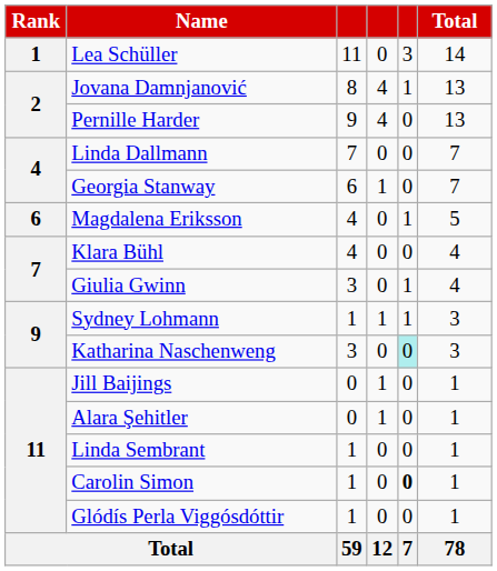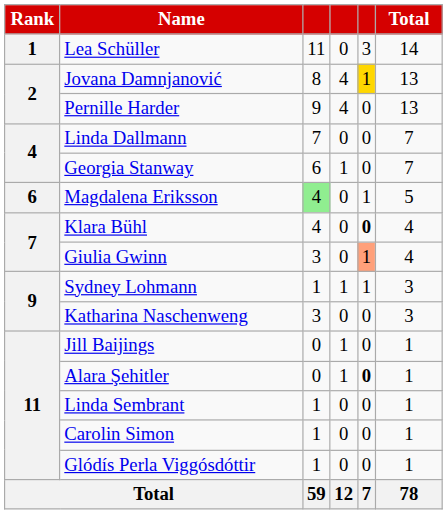 <table class="wikitable sortable" style="text-align:center; font-size:100%; ">
 <tr>
 <th style="background:#d50000; color:white; text-align:center; width:40px;">Rank</th>
 <th style="background:#d50000; color:white; text-align:center; width:200px;">Name</th>
 <th style="background:#d50000; color:white; text-align:center;" colspan="1"><a href='#'></a></th>
 <th style="background:#d50000; color:white; text-align:center;" colspan="1"><a href='#'></a></th>
 <th style="background:#d50000; color:white; text-align:center;" colspan="1"><a href='#'></a></th>
 <th style="background:#d50000; color:white; text-align:center; width:50px;">Total</th>
 </tr>
 <tr>
 <th>1</th>
 <td align="left"> <a href='#'>Lea Schüller</a></td>
 <td>11</td>
 <td>0</td>
 <td>3</td>
 <td>14</td>
 </tr>
 <tr>
 <th rowspan=2>2</th>
 <td align="left"> <a href='#'>Jovana Damnjanović</a></td>
 <td>8</td>
 <td>4</td>
-<td>1</td>
+<td style="background: gold;">1</td>
 <td>13</td>
 </tr>
 <tr>
 <td align="left"> <a href='#'>Pernille Harder</a></td>
 <td>9</td>
 <td>4</td>
 <td>0</td>
 <td>13</td>
 </tr>
 <tr>
 <th rowspan=2>4</th>
 <td align="left"> <a href='#'>Linda Dallmann</a></td>
 <td>7</td>
 <td>0</td>
 <td>0</td>
 <td>7</td>
 </tr>
 <tr>
 <td align="left"> <a href='#'>Georgia Stanway</a></td>
 <td>6</td>
 <td>1</td>
 <td>0</td>
 <td>7</td>
 </tr>
 <tr>
 <th>6</th>
 <td align="left"> <a href='#'>Magdalena Eriksson</a></td>
-<td>4</td>
+<td style="background: lightgreen;">4</td>
 <td>0</td>
 <td>1</td>
 <td>5</td>
 </tr>
 <tr>
 <th rowspan=2>7</th>
 <td align="left"> <a href='#'>Klara Bühl</a></td>
 <td>4</td>
 <td>0</td>
-<td>0</td>
+<td><strong>0</strong></td>
 <td>4</td>
 </tr>
 <tr>
 <td align="left"> <a href='#'>Giulia Gwinn</a></td>
 <td>3</td>
 <td>0</td>
-<td>1</td>
+<td style="background: lightsalmon;">1</td>
 <td>4</td>
 </tr>
 <tr>
 <th rowspan=2>9</th>
 <td align="left"> <a href='#'>Sydney Lohmann</a></td>
 <td>1</td>
 <td>1</td>
 <td>1</td>
 <td>3</td>
 </tr>
 <tr>
 <td align="left"> <a href='#'>Katharina Naschenweng</a></td>
 <td>3</td>
 <td>0</td>
-<td style="background: paleturquoise;">0</td>
+<td>0</td>
 <td>3</td>
 </tr>
 <tr>
 <th rowspan=5>11</th>
 <td align="left"> <a href='#'>Jill Baijings</a></td>
 <td>0</td>
 <td>1</td>
 <td>0</td>
 <td>1</td>
 </tr>
 <tr>
 <td align="left"> <a href='#'>Alara Şehitler</a></td>
 <td>0</td>
 <td>1</td>
-<td>0</td>
+<td><strong>0</strong></td>
 <td>1</td>
 </tr>
 <tr>
 <td align="left"> <a href='#'>Linda Sembrant</a></td>
 <td>1</td>
 <td>0</td>
 <td>0</td>
 <td>1</td>
 </tr>
 <tr>
 <td align="left"> <a href='#'>Carolin Simon</a></td>
 <td>1</td>
 <td>0</td>
-<td><strong>0</strong></td>
+<td>0</td>
 <td>1</td>
 </tr>
 <tr>
 <td align="left"> <a href='#'>Glódís Perla Viggósdóttir</a></td>
 <td>1</td>
 <td>0</td>
 <td>0</td>
 <td>1</td>
 </tr>
 <tr>
 <th colspan="2">Total</th>
 <th>59</th>
 <th>12</th>
 <th>7</th>
 <th>78</th>
 </tr>
 </table>
